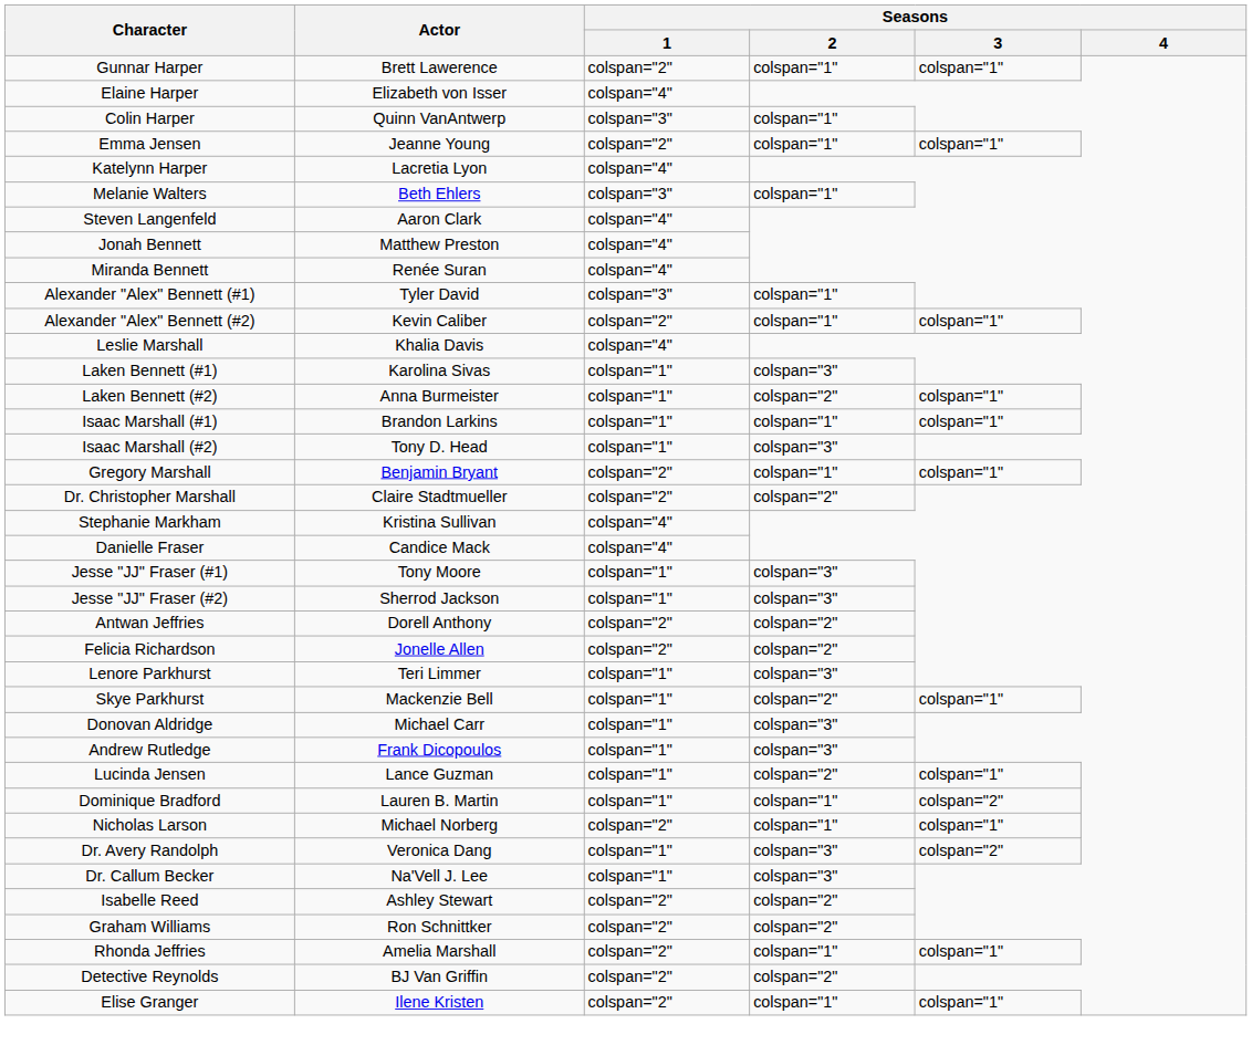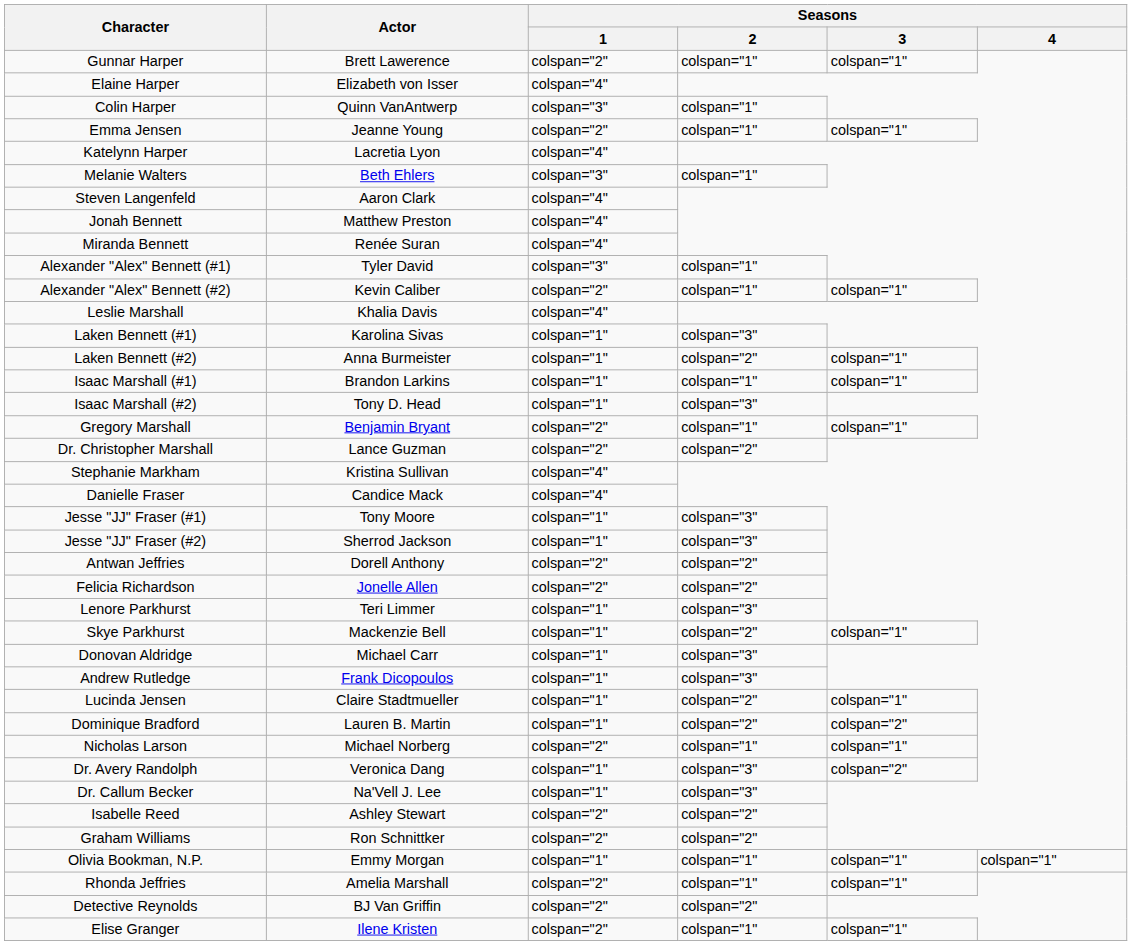 <table class="wikitable plainrowheaders">
 <tr>
 <th scope="col" rowspan="2" style="width:14%;">Character</th>
 <th scope="col" rowspan="2" style="width:14%;">Actor</th>
 <th scope="col" colspan="4">Seasons</th>
 </tr>
 <tr>
 <th scope="col" style="width:8%;">1</th>
 <th scope="col" style="width:8%;">2</th>
 <th scope="col" style="width:8%;">3</th>
 <th scope="col" style="width:8%;">4</th>
 </tr>
 <tr>
 <td style="text-align:center;">Gunnar Harper</td>
 <td style="text-align:center;">Brett Lawerence</td>
 <td>colspan="2" </td>
 <td>colspan="1" </td>
 <td>colspan="1" </td>
 </tr>
 <tr>
 <td style="text-align:center;">Elaine Harper</td>
 <td style="text-align:center;">Elizabeth von Isser</td>
 <td>colspan="4" </td>
 </tr>
 <tr>
 <td style="text-align:center;">Colin Harper</td>
 <td style="text-align:center;">Quinn VanAntwerp</td>
 <td>colspan="3" </td>
 <td>colspan="1" </td>
 </tr>
 <tr>
 <td style="text-align:center;">Emma Jensen</td>
 <td style="text-align:center;">Jeanne Young</td>
 <td>colspan="2" </td>
 <td>colspan="1" </td>
 <td>colspan="1" </td>
 </tr>
 <tr>
 <td style="text-align:center;">Katelynn Harper</td>
 <td style="text-align:center;">Lacretia Lyon</td>
 <td>colspan="4" </td>
 </tr>
 <tr>
 <td style="text-align:center;">Melanie Walters</td>
 <td style="text-align:center;"><a href='#'>Beth Ehlers</a></td>
 <td>colspan="3" </td>
 <td>colspan="1" </td>
 </tr>
 <tr>
 <td style="text-align:center;">Steven Langenfeld</td>
 <td style="text-align:center;">Aaron Clark</td>
 <td>colspan="4" </td>
 </tr>
 <tr>
 <td style="text-align:center;">Jonah Bennett</td>
 <td style="text-align:center;">Matthew Preston</td>
 <td>colspan="4" </td>
 </tr>
 <tr>
 <td style="text-align:center;">Miranda Bennett</td>
 <td style="text-align:center;">Renée Suran</td>
 <td>colspan="4" </td>
 </tr>
 <tr>
 <td style="text-align:center;">Alexander "Alex" Bennett (#1)</td>
 <td style="text-align:center;">Tyler David</td>
 <td>colspan="3" </td>
 <td>colspan="1" </td>
 </tr>
 <tr>
 <td style="text-align:center;">Alexander "Alex" Bennett (#2)</td>
 <td style="text-align:center;">Kevin Caliber</td>
 <td>colspan="2" </td>
 <td>colspan="1" </td>
 <td>colspan="1" </td>
 </tr>
 <tr>
 <td style="text-align:center;">Leslie Marshall</td>
 <td style="text-align:center;">Khalia Davis</td>
 <td>colspan="4" </td>
 </tr>
 <tr>
 <td style="text-align:center;">Laken Bennett (#1)</td>
 <td style="text-align:center;">Karolina Sivas</td>
 <td>colspan="1" </td>
 <td>colspan="3" </td>
 </tr>
 <tr>
 <td style="text-align:center;">Laken Bennett (#2)</td>
 <td style="text-align:center;">Anna Burmeister</td>
 <td>colspan="1" </td>
 <td>colspan="2" </td>
 <td>colspan="1" </td>
 </tr>
 <tr>
 <td style="text-align:center;">Isaac Marshall (#1)</td>
 <td style="text-align:center;">Brandon Larkins</td>
 <td>colspan="1" </td>
 <td>colspan="1" </td>
 <td>colspan="1" </td>
 </tr>
 <tr>
 <td style="text-align:center;">Isaac Marshall (#2)</td>
 <td style="text-align:center;">Tony D. Head</td>
 <td>colspan="1" </td>
 <td>colspan="3" </td>
 </tr>
 <tr>
 <td style="text-align:center;">Gregory Marshall</td>
 <td style="text-align:center;"><a href='#'>Benjamin Bryant</a></td>
 <td>colspan="2" </td>
 <td>colspan="1" </td>
 <td>colspan="1" </td>
 </tr>
 <tr>
 <td style="text-align:center;">Dr. Christopher Marshall</td>
-<td style="text-align:center;">Claire Stadtmueller</td>
+<td style="text-align:center;">Lance Guzman</td>
 <td>colspan="2" </td>
 <td>colspan="2" </td>
 </tr>
 <tr>
 <td style="text-align:center;">Stephanie Markham</td>
 <td style="text-align:center;">Kristina Sullivan</td>
 <td>colspan="4" </td>
 </tr>
 <tr>
 <td style="text-align:center;">Danielle Fraser</td>
 <td style="text-align:center;">Candice Mack</td>
 <td>colspan="4" </td>
 </tr>
 <tr>
 <td style="text-align:center;">Jesse "JJ" Fraser (#1)</td>
 <td style="text-align:center;">Tony Moore</td>
 <td>colspan="1" </td>
 <td>colspan="3" </td>
 </tr>
 <tr>
 <td style="text-align:center;">Jesse "JJ" Fraser (#2)</td>
 <td style="text-align:center;">Sherrod Jackson</td>
 <td>colspan="1" </td>
 <td>colspan="3" </td>
 </tr>
 <tr>
 <td style="text-align:center;">Antwan Jeffries</td>
 <td style="text-align:center;">Dorell Anthony</td>
 <td>colspan="2" </td>
 <td>colspan="2" </td>
 </tr>
 <tr>
 <td style="text-align:center;">Felicia Richardson</td>
 <td style="text-align:center;"><a href='#'>Jonelle Allen</a></td>
 <td>colspan="2" </td>
 <td>colspan="2" </td>
 </tr>
 <tr>
 <td style="text-align:center;">Lenore Parkhurst</td>
 <td style="text-align:center;">Teri Limmer</td>
 <td>colspan="1" </td>
 <td>colspan="3" </td>
 </tr>
 <tr>
 <td style="text-align:center;">Skye Parkhurst</td>
 <td style="text-align:center;">Mackenzie Bell</td>
 <td>colspan="1" </td>
 <td>colspan="2" </td>
 <td>colspan="1" </td>
 </tr>
 <tr>
 <td style="text-align:center;">Donovan Aldridge</td>
 <td style="text-align:center;">Michael Carr</td>
 <td>colspan="1" </td>
 <td>colspan="3" </td>
 </tr>
 <tr>
 <td style="text-align:center;">Andrew Rutledge</td>
 <td style="text-align:center;"><a href='#'>Frank Dicopoulos</a></td>
 <td>colspan="1" </td>
 <td>colspan="3" </td>
 </tr>
 <tr>
 <td style="text-align:center;">Lucinda Jensen</td>
-<td style="text-align:center;">Lance Guzman</td>
+<td style="text-align:center;">Claire Stadtmueller</td>
 <td>colspan="1" </td>
 <td>colspan="2" </td>
 <td>colspan="1" </td>
 </tr>
 <tr>
 <td style="text-align:center;">Dominique Bradford</td>
 <td style="text-align:center;">Lauren B. Martin</td>
 <td>colspan="1" </td>
-<td>colspan="1" </td>
+<td>colspan="2" </td>
 <td>colspan="2" </td>
 </tr>
 <tr>
 <td style="text-align:center;">Nicholas Larson</td>
 <td style="text-align:center;">Michael Norberg</td>
 <td>colspan="2" </td>
 <td>colspan="1" </td>
 <td>colspan="1" </td>
 </tr>
 <tr>
 <td style="text-align:center;">Dr. Avery Randolph</td>
 <td style="text-align:center;">Veronica Dang</td>
 <td>colspan="1" </td>
 <td>colspan="3" </td>
 <td>colspan="2" </td>
 </tr>
 <tr>
 <td style="text-align:center;">Dr. Callum Becker</td>
 <td style="text-align:center;">Na'Vell J. Lee</td>
 <td>colspan="1" </td>
 <td>colspan="3" </td>
 </tr>
 <tr>
 <td style="text-align:center;">Isabelle Reed</td>
 <td style="text-align:center;">Ashley Stewart</td>
 <td>colspan="2" </td>
 <td>colspan="2" </td>
 </tr>
 <tr>
 <td style="text-align:center;">Graham Williams</td>
 <td style="text-align:center;">Ron Schnittker</td>
 <td>colspan="2" </td>
 <td>colspan="2" </td>
 </tr>
 <tr>
+<td style="text-align:center;">Olivia Bookman, N.P.</td>
+<td style="text-align:center;">Emmy Morgan</td>
+<td>colspan="1" </td>
+<td>colspan="1" </td>
+<td>colspan="1" </td>
+<td>colspan="1" </td>
+</tr>
+<tr>
 <td style="text-align:center;">Rhonda Jeffries</td>
 <td style="text-align:center;">Amelia Marshall</td>
 <td>colspan="2" </td>
 <td>colspan="1" </td>
 <td>colspan="1" </td>
 </tr>
 <tr>
 <td style="text-align:center;">Detective Reynolds</td>
 <td style="text-align:center;">BJ Van Griffin</td>
 <td>colspan="2" </td>
 <td>colspan="2" </td>
 </tr>
 <tr>
 <td style="text-align:center;">Elise Granger</td>
 <td style="text-align:center;"><a href='#'>Ilene Kristen</a></td>
 <td>colspan="2" </td>
 <td>colspan="1" </td>
 <td>colspan="1" </td>
 </tr>
 </table>
